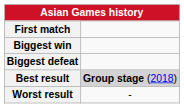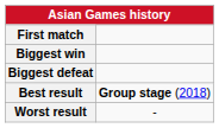 <table class="wikitable collapsible collapsed" style="text-align: center;font-size:90%;">
 <tr>
 <th colspan=6 style="background: #CE1126; color: #FFFFFF;">Asian Games history</th>
 </tr>
 <tr>
 <th style="text-align: center;">First match</th>
 <td></td>
 </tr>
 <tr>
 <th style="text-align: center;">Biggest win</th>
 <td></td>
 </tr>
 <tr>
 <th style="text-align: center;">Biggest defeat</th>
 <td></td>
 </tr>
 <tr>
 <th style="text-align: center;">Best result</th>
-<td style="background: lightgrey; text-align:center;"><strong>Group stage</strong> (<a href='#'>2018</a>)</td>
+<td style="text-align:center;"><strong>Group stage</strong> (<a href='#'>2018</a>)</td>
 </tr>
 <tr>
 <th style="text-align: center;">Worst result</th>
 <td style="text-align:center;">-</td>
 </tr>
 </table>
